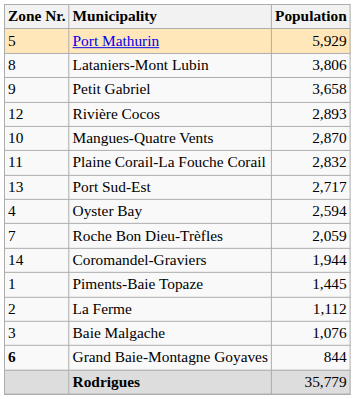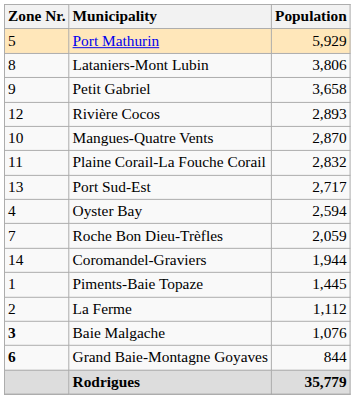 <table class="wikitable sortable">
 <tr>
 <th>Zone Nr.</th>
 <th style="text-align:left;">Municipality</th>
 <th>Population</th>
 </tr>
 <tr style="background:#ffe7ba;">
 <td>5</td>
 <td><a href='#'>Port Mathurin</a></td>
 <td style="text-align:right;">5,929</td>
 </tr>
 <tr>
 <td>8</td>
 <td>Lataniers-Mont Lubin</td>
 <td style="text-align:right;">3,806</td>
 </tr>
 <tr>
 <td>9</td>
 <td>Petit Gabriel</td>
 <td style="text-align:right;">3,658</td>
 </tr>
 <tr>
 <td>12</td>
 <td>Rivière Cocos</td>
 <td style="text-align:right;">2,893</td>
 </tr>
 <tr>
 <td>10</td>
 <td>Mangues-Quatre Vents</td>
 <td style="text-align:right;">2,870</td>
 </tr>
 <tr>
 <td>11</td>
 <td>Plaine Corail-La Fouche Corail</td>
 <td style="text-align:right;">2,832</td>
 </tr>
 <tr>
 <td>13</td>
 <td>Port Sud-Est</td>
 <td style="text-align:right;">2,717</td>
 </tr>
 <tr>
 <td>4</td>
 <td>Oyster Bay</td>
 <td style="text-align:right;">2,594</td>
 </tr>
 <tr>
 <td>7</td>
 <td>Roche Bon Dieu-Trèfles</td>
 <td style="text-align:right;">2,059</td>
 </tr>
 <tr>
 <td>14</td>
 <td>Coromandel-Graviers</td>
 <td style="text-align:right;">1,944</td>
 </tr>
 <tr>
 <td>1</td>
 <td>Piments-Baie Topaze</td>
 <td style="text-align:right;">1,445</td>
 </tr>
 <tr>
 <td>2</td>
 <td>La Ferme</td>
 <td style="text-align:right;">1,112</td>
 </tr>
 <tr>
-<td>3</td>
+<td><strong>3</strong></td>
 <td>Baie Malgache</td>
 <td style="text-align:right;">1,076</td>
 </tr>
 <tr>
 <td><strong>6</strong></td>
 <td>Grand Baie-Montagne Goyaves</td>
 <td style="text-align:right;">844</td>
 </tr>
 <tr style="background:#ddd;"| class="sortbottom">
 <td> </td>
 <td><strong>Rodrigues</strong></td>
-<td style="text-align:right;">35,779</td>
+<td style="text-align:right;"><strong>35,779</strong></td>
 </tr>
 <tr>
 </tr>
 </table>
